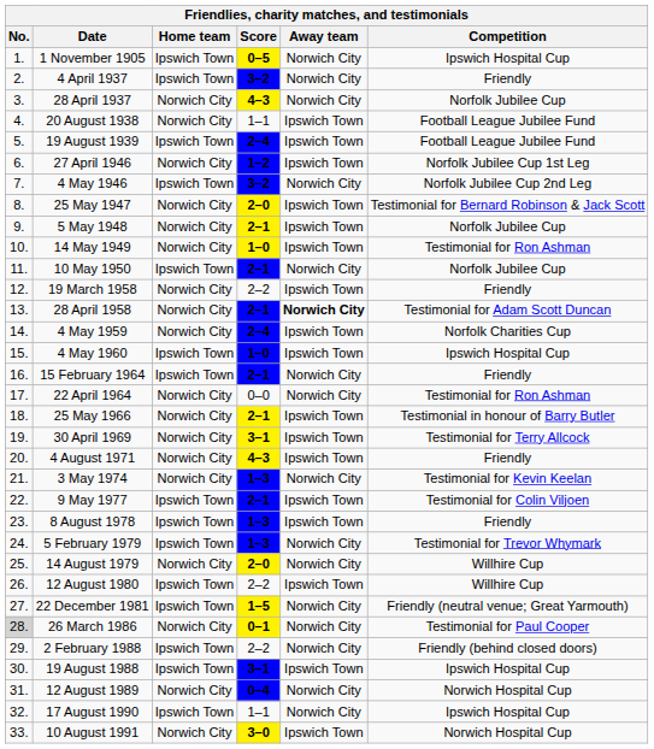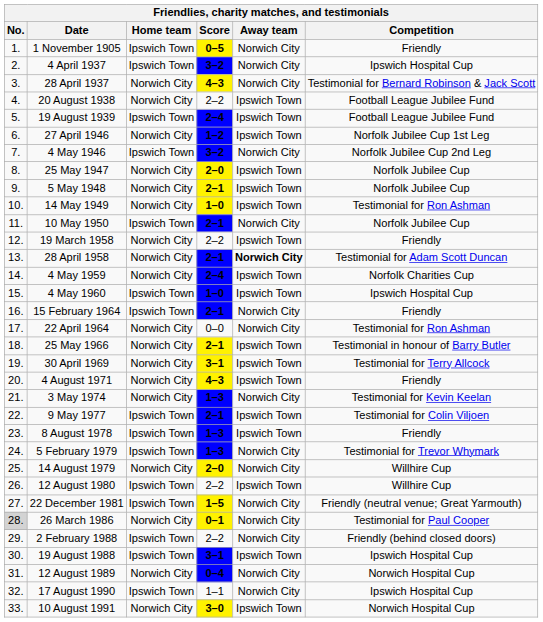 <table class="wikitable" style="text-align: center">
 <tr>
 <th colspan=6>Friendlies, charity matches, and testimonials</th>
 </tr>
 <tr>
 <th>No.</th>
 <th>Date</th>
 <th>Home team</th>
 <th>Score</th>
 <th>Away team</th>
 <th>Competition</th>
 </tr>
 <tr>
 <td>1.</td>
 <td>1 November 1905</td>
 <td>Ipswich Town</td>
 <td style="background:#fff200"><span><strong>0–5</strong></span></td>
 <td>Norwich City</td>
-<td>Ipswich Hospital Cup</td>
+<td>Friendly</td>
 </tr>
 <tr>
 <td>2.</td>
 <td>4 April 1937</td>
 <td>Ipswich Town</td>
 <td style="background:blue"><span><strong>3–2</strong></span></td>
 <td>Norwich City</td>
-<td>Friendly</td>
+<td>Ipswich Hospital Cup</td>
 </tr>
 <tr>
 <td>3.</td>
 <td>28 April 1937</td>
 <td>Norwich City</td>
 <td style="background:#fff200"><span><strong>4–3</strong></span></td>
 <td>Norwich City</td>
-<td>Norfolk Jubilee Cup</td>
+<td>Testimonial for <a href='#'>Bernard Robinson</a> & <a href='#'>Jack Scott</a></td>
 </tr>
 <tr>
 <td>4.</td>
 <td>20 August 1938</td>
 <td>Norwich City</td>
-<td>1–1</td>
+<td>2–2</td>
 <td>Ipswich Town</td>
 <td>Football League Jubilee Fund</td>
 </tr>
 <tr>
 <td>5.</td>
 <td>19 August 1939</td>
 <td>Ipswich Town</td>
 <td style="background:blue"><span><strong>2–4</strong></span></td>
 <td>Ipswich Town</td>
 <td>Football League Jubilee Fund</td>
 </tr>
 <tr>
 <td>6.</td>
 <td>27 April 1946</td>
 <td>Norwich City</td>
 <td style="background:blue"><span><strong>1–2</strong></span></td>
 <td>Ipswich Town</td>
 <td>Norfolk Jubilee Cup 1st Leg</td>
 </tr>
 <tr>
 <td>7.</td>
 <td>4 May 1946</td>
 <td>Ipswich Town</td>
 <td style="background:blue"><span><strong>3–2</strong></span></td>
 <td>Norwich City</td>
 <td>Norfolk Jubilee Cup 2nd Leg</td>
 </tr>
 <tr>
 <td>8.</td>
 <td>25 May 1947</td>
 <td>Norwich City</td>
 <td style="background:#fff200"><span><strong>2–0</strong></span></td>
 <td>Ipswich Town</td>
-<td>Testimonial for <a href='#'>Bernard Robinson</a> & <a href='#'>Jack Scott</a></td>
+<td>Norfolk Jubilee Cup</td>
 </tr>
 <tr>
 <td>9.</td>
 <td>5 May 1948</td>
 <td>Norwich City</td>
 <td style="background:#fff200"><span><strong>2–1</strong></span></td>
 <td>Ipswich Town</td>
 <td>Norfolk Jubilee Cup</td>
 </tr>
 <tr>
 <td>10.</td>
 <td>14 May 1949</td>
 <td>Norwich City</td>
 <td style="background:#fff200"><span><strong>1–0</strong></span></td>
 <td>Ipswich Town</td>
 <td>Testimonial for <a href='#'>Ron Ashman</a></td>
 </tr>
 <tr>
 <td>11.</td>
 <td>10 May 1950</td>
 <td>Ipswich Town</td>
 <td style="background:blue"><span><strong>2–1</strong></span></td>
 <td>Norwich City</td>
 <td>Norfolk Jubilee Cup</td>
 </tr>
 <tr>
 <td>12.</td>
 <td>19 March 1958</td>
 <td>Norwich City</td>
 <td>2–2</td>
 <td>Ipswich Town</td>
 <td>Friendly</td>
 </tr>
 <tr>
 <td>13.</td>
 <td>28 April 1958</td>
 <td>Norwich City</td>
 <td style="background:blue"><span><strong>2–1</strong></span></td>
 <td><strong>Norwich City</strong></td>
 <td>Testimonial for <a href='#'>Adam Scott Duncan</a></td>
 </tr>
 <tr>
 <td>14.</td>
 <td>4 May 1959</td>
 <td>Norwich City</td>
 <td style="background:blue"><span><strong>2–4</strong></span></td>
 <td>Ipswich Town</td>
 <td>Norfolk Charities Cup</td>
 </tr>
 <tr>
 <td>15.</td>
 <td>4 May 1960</td>
 <td>Ipswich Town</td>
 <td style="background:blue"><span><strong>1–0</strong></span></td>
 <td>Ipswich Town</td>
 <td>Ipswich Hospital Cup</td>
 </tr>
 <tr>
 <td>16.</td>
 <td>15 February 1964</td>
 <td>Ipswich Town</td>
 <td style="background:blue"><span><strong>2–1</strong></span></td>
 <td>Norwich City</td>
 <td>Friendly</td>
 </tr>
 <tr>
 <td>17.</td>
 <td>22 April 1964</td>
 <td>Norwich City</td>
 <td>0–0</td>
 <td>Norwich City</td>
 <td>Testimonial for <a href='#'>Ron Ashman</a></td>
 </tr>
 <tr>
 <td>18.</td>
 <td>25 May 1966</td>
 <td>Norwich City</td>
 <td style="background:#fff200"><span><strong>2–1</strong></span></td>
 <td>Ipswich Town</td>
 <td>Testimonial in honour of <a href='#'>Barry Butler</a></td>
 </tr>
 <tr>
 <td>19.</td>
 <td>30 April 1969</td>
 <td>Norwich City</td>
 <td style="background:#fff200"><span><strong>3–1</strong></span></td>
 <td>Ipswich Town</td>
 <td>Testimonial for <a href='#'>Terry Allcock</a></td>
 </tr>
 <tr>
 <td>20.</td>
 <td>4 August 1971</td>
 <td>Norwich City</td>
 <td style="background:#fff200"><span><strong>4–3</strong></span></td>
 <td>Ipswich Town</td>
 <td>Friendly</td>
 </tr>
 <tr>
 <td>21.</td>
 <td>3 May 1974</td>
 <td>Norwich City</td>
 <td style="background:blue"><span><strong>1–3</strong></span></td>
 <td>Norwich City</td>
 <td>Testimonial for <a href='#'>Kevin Keelan</a></td>
 </tr>
 <tr>
 <td>22.</td>
 <td>9 May 1977</td>
 <td>Ipswich Town</td>
 <td style="background:blue"><span><strong>2–1</strong></span></td>
 <td>Ipswich Town</td>
 <td>Testimonial for <a href='#'>Colin Viljoen</a></td>
 </tr>
 <tr>
 <td>23.</td>
 <td>8 August 1978</td>
 <td>Ipswich Town</td>
 <td style="background:blue"><span><strong>1–3</strong></span></td>
 <td>Ipswich Town</td>
 <td>Friendly</td>
 </tr>
 <tr>
 <td>24.</td>
 <td>5 February 1979</td>
 <td>Ipswich Town</td>
 <td style="background:blue"><span><strong>1–3</strong></span></td>
 <td>Norwich City</td>
 <td>Testimonial for <a href='#'>Trevor Whymark</a></td>
 </tr>
 <tr>
 <td>25.</td>
 <td>14 August 1979</td>
 <td>Norwich City</td>
 <td style="background:#fff200"><span><strong>2–0</strong></span></td>
 <td>Norwich City</td>
 <td>Willhire Cup</td>
 </tr>
 <tr>
 <td>26.</td>
 <td>12 August 1980</td>
 <td>Ipswich Town</td>
 <td>2–2</td>
 <td>Ipswich Town</td>
 <td>Willhire Cup</td>
 </tr>
 <tr>
 <td>27.</td>
 <td>22 December 1981</td>
 <td>Ipswich Town</td>
 <td style="background:#fff200"><span><strong>1–5</strong></span></td>
 <td>Norwich City</td>
 <td>Friendly (neutral venue; Great Yarmouth)</td>
 </tr>
 <tr>
 <td style="background: lightgrey;">28.</td>
 <td>26 March 1986</td>
 <td>Norwich City</td>
 <td style="background:#fff200"><span><strong>0–1</strong></span></td>
 <td>Norwich City</td>
 <td>Testimonial for <a href='#'>Paul Cooper</a></td>
 </tr>
 <tr>
 <td>29.</td>
 <td>2 February 1988</td>
 <td>Ipswich Town</td>
 <td>2–2</td>
 <td>Norwich City</td>
 <td>Friendly (behind closed doors)</td>
 </tr>
 <tr>
 <td>30.</td>
 <td>19 August 1988</td>
 <td>Ipswich Town</td>
 <td style="background:blue"><span><strong>3–1</strong></span></td>
 <td>Ipswich Town</td>
 <td>Ipswich Hospital Cup</td>
 </tr>
 <tr>
 <td>31.</td>
 <td>12 August 1989</td>
 <td>Norwich City</td>
 <td style="background:blue"><span><strong>0–4</strong></span></td>
 <td>Norwich City</td>
 <td>Norwich Hospital Cup</td>
 </tr>
 <tr>
 <td>32.</td>
 <td>17 August 1990</td>
 <td>Ipswich Town</td>
 <td>1–1</td>
 <td>Norwich City</td>
 <td>Ipswich Hospital Cup</td>
 </tr>
 <tr>
 <td>33.</td>
 <td>10 August 1991</td>
 <td>Norwich City</td>
 <td style="background:#fff200"><span><strong>3–0</strong></span></td>
 <td>Ipswich Town</td>
 <td>Norwich Hospital Cup</td>
 </tr>
 </table>
